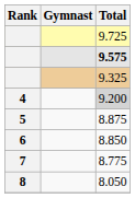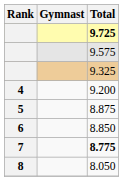 <table class="wikitable sortable" style="text-align:center; font-size:95%">
 <tr>
 <th scope=col>Rank</th>
 <th scope=col>Gymnast</th>
 <th scope=col>Total</th>
 </tr>
 <tr bgcolor=fffcaf>
 <th scope=row style="text-align:center"></th>
 <td align=left></td>
-<td>9.725</td>
+<td><strong>9.725</strong></td>
 </tr>
 <tr bgcolor=e5e5e5>
 <th scope=row style="text-align:center"></th>
 <td align=left></td>
-<td><strong>9.575</strong></td>
+<td>9.575</td>
 </tr>
 <tr bgcolor=eecc99>
 <th scope=row style="text-align:center"></th>
 <td align=left></td>
 <td>9.325</td>
 </tr>
 <tr>
 <th scope=row style="text-align:center">4</th>
 <td align=left></td>
-<td style="background: lightgrey;">9.200</td>
+<td>9.200</td>
 </tr>
 <tr>
 <th scope=row style="text-align:center">5</th>
 <td align=left></td>
 <td>8.875</td>
 </tr>
 <tr>
 <th scope=row style="text-align:center">6</th>
 <td align=left></td>
 <td>8.850</td>
 </tr>
 <tr>
 <th scope=row style="text-align:center">7</th>
 <td align=left></td>
-<td>8.775</td>
+<td><strong>8.775</strong></td>
 </tr>
 <tr>
 <th scope=row style="text-align:center">8</th>
 <td align=left></td>
 <td>8.050</td>
 </tr>
 <tr>
 </tr>
 </table>
